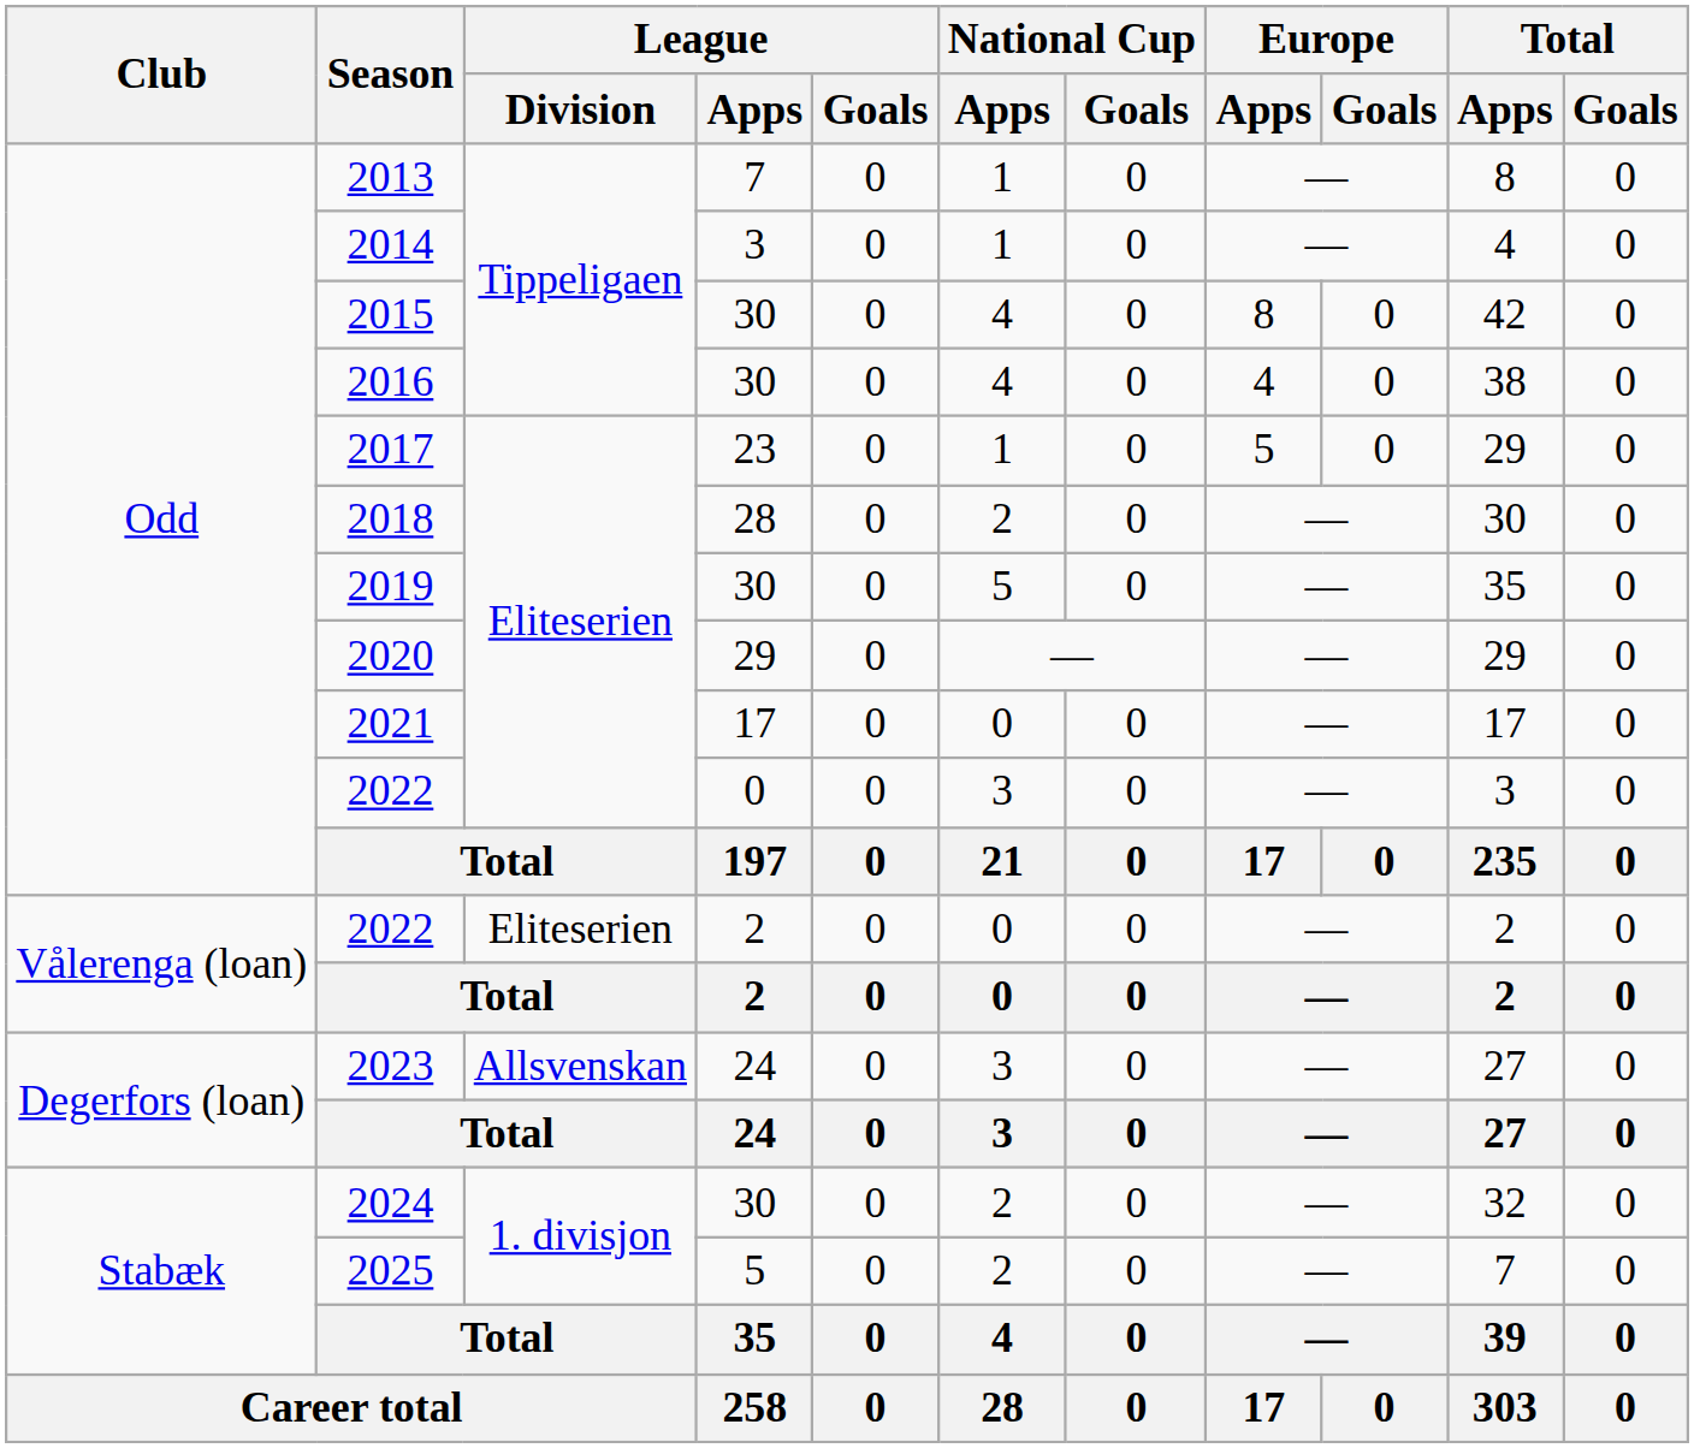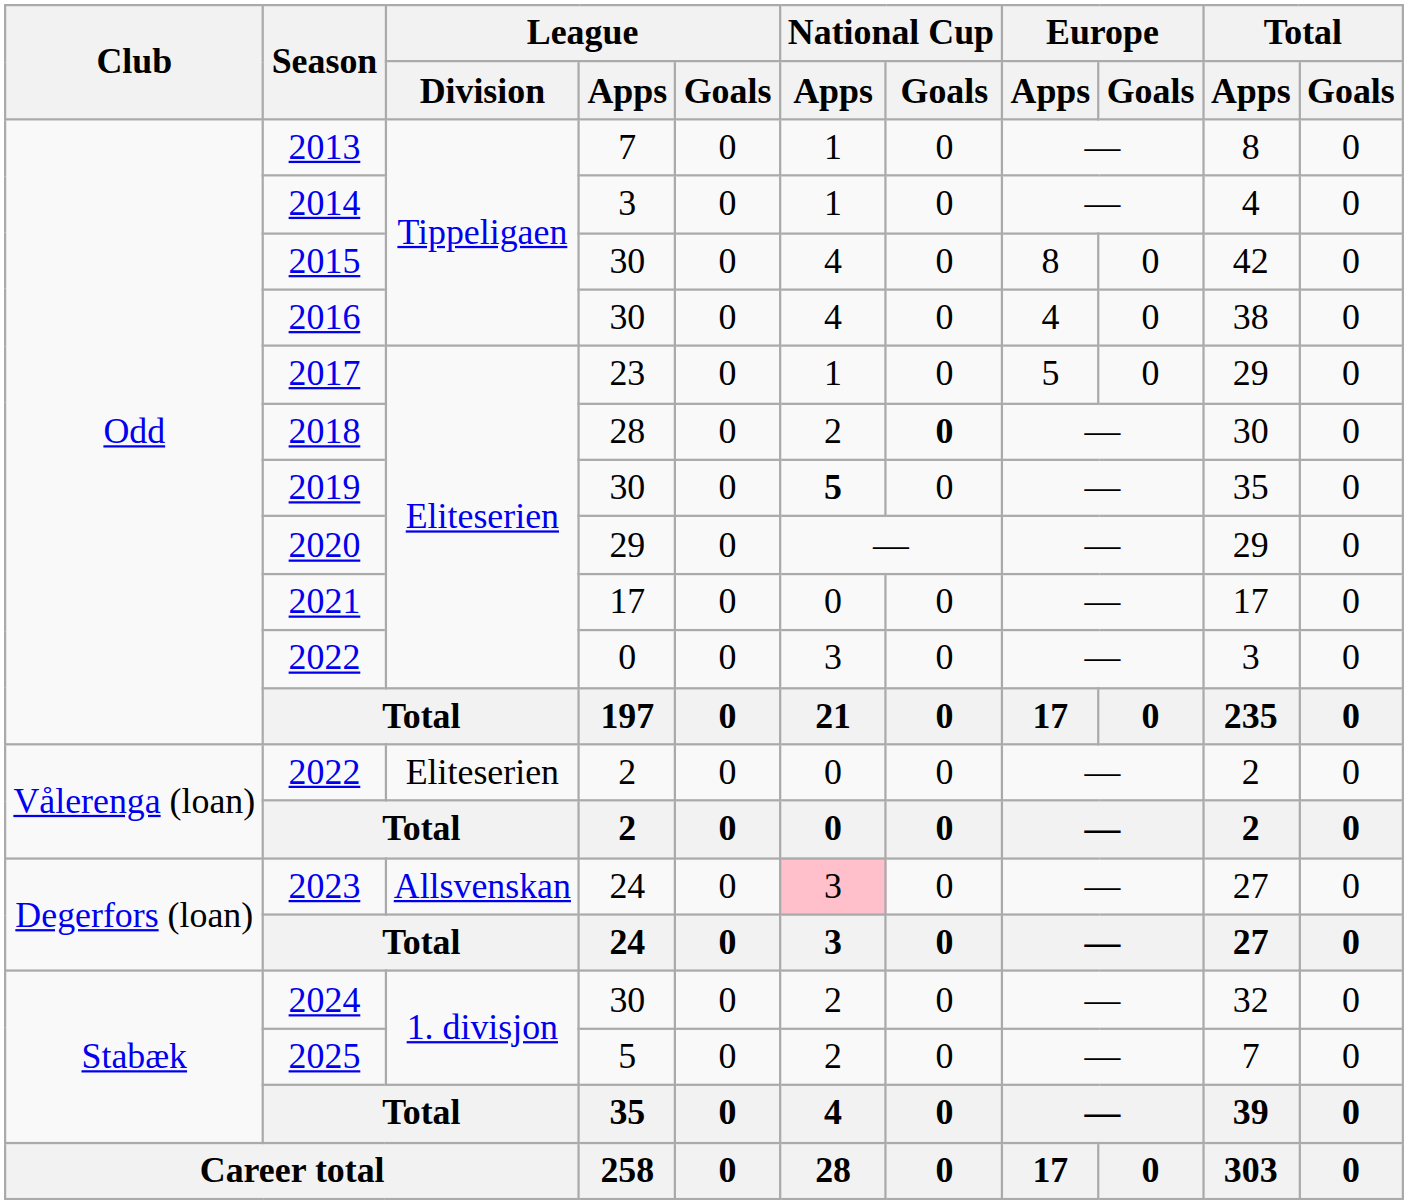 <table class="wikitable" style="text-align: center;">
 <tr>
 <th rowspan="2">Club</th>
 <th rowspan="2">Season</th>
 <th colspan="3">League</th>
 <th colspan="2">National Cup</th>
 <th colspan="2">Europe</th>
 <th colspan="2">Total</th>
 </tr>
 <tr>
 <th>Division</th>
 <th>Apps</th>
 <th>Goals</th>
 <th>Apps</th>
 <th>Goals</th>
 <th>Apps</th>
 <th>Goals</th>
 <th>Apps</th>
 <th>Goals</th>
 </tr>
 <tr>
 <td rowspan="11"><a href='#'>Odd</a></td>
 <td><a href='#'>2013</a></td>
 <td rowspan="4"><a href='#'>Tippeligaen</a></td>
 <td>7</td>
 <td>0</td>
 <td>1</td>
 <td>0</td>
 <td colspan="2">—</td>
 <td>8</td>
 <td>0</td>
 </tr>
 <tr>
 <td><a href='#'>2014</a></td>
 <td>3</td>
 <td>0</td>
 <td>1</td>
 <td>0</td>
 <td colspan="2">—</td>
 <td>4</td>
 <td>0</td>
 </tr>
 <tr>
 <td><a href='#'>2015</a></td>
 <td>30</td>
 <td>0</td>
 <td>4</td>
 <td>0</td>
 <td>8</td>
 <td>0</td>
 <td>42</td>
 <td>0</td>
 </tr>
 <tr>
 <td><a href='#'>2016</a></td>
 <td>30</td>
 <td>0</td>
 <td>4</td>
 <td>0</td>
 <td>4</td>
 <td>0</td>
 <td>38</td>
 <td>0</td>
 </tr>
 <tr>
 <td><a href='#'>2017</a></td>
 <td rowspan="6"><a href='#'>Eliteserien</a></td>
 <td>23</td>
 <td>0</td>
 <td>1</td>
 <td>0</td>
 <td>5</td>
 <td>0</td>
 <td>29</td>
 <td>0</td>
 </tr>
 <tr>
 <td><a href='#'>2018</a></td>
 <td>28</td>
 <td>0</td>
 <td>2</td>
-<td>0</td>
+<td><strong>0</strong></td>
 <td colspan="2">—</td>
 <td>30</td>
 <td>0</td>
 </tr>
 <tr>
 <td><a href='#'>2019</a></td>
 <td>30</td>
 <td>0</td>
-<td>5</td>
+<td><strong>5</strong></td>
 <td>0</td>
 <td colspan="2">—</td>
 <td>35</td>
 <td>0</td>
 </tr>
 <tr>
 <td><a href='#'>2020</a></td>
 <td>29</td>
 <td>0</td>
 <td colspan="2">—</td>
 <td colspan="2">—</td>
 <td>29</td>
 <td>0</td>
 </tr>
 <tr>
 <td><a href='#'>2021</a></td>
 <td>17</td>
 <td>0</td>
 <td>0</td>
 <td>0</td>
 <td colspan="2">—</td>
 <td>17</td>
 <td>0</td>
 </tr>
 <tr>
 <td><a href='#'>2022</a></td>
 <td>0</td>
 <td>0</td>
 <td>3</td>
 <td>0</td>
 <td colspan="2">—</td>
 <td>3</td>
 <td>0</td>
 </tr>
 <tr>
 <th colspan="2">Total</th>
 <th>197</th>
 <th>0</th>
 <th>21</th>
 <th>0</th>
 <th>17</th>
 <th>0</th>
 <th>235</th>
 <th>0</th>
 </tr>
 <tr>
 <td rowspan="2"><a href='#'>Vålerenga</a> (loan)</td>
 <td><a href='#'>2022</a></td>
 <td>Eliteserien</td>
 <td>2</td>
 <td>0</td>
 <td>0</td>
 <td>0</td>
 <td colspan="2">—</td>
 <td>2</td>
 <td>0</td>
 </tr>
 <tr>
 <th colspan="2">Total</th>
 <th>2</th>
 <th>0</th>
 <th>0</th>
 <th>0</th>
 <th colspan="2">—</th>
 <th>2</th>
 <th>0</th>
 </tr>
 <tr>
 <td rowspan="2"><a href='#'>Degerfors</a> (loan)</td>
 <td><a href='#'>2023</a></td>
 <td><a href='#'>Allsvenskan</a></td>
 <td>24</td>
 <td>0</td>
-<td>3</td>
+<td style="background: pink;">3</td>
 <td>0</td>
 <td colspan="2">—</td>
 <td>27</td>
 <td>0</td>
 </tr>
 <tr>
 <th colspan="2">Total</th>
 <th>24</th>
 <th>0</th>
 <th>3</th>
 <th>0</th>
 <th colspan="2">—</th>
 <th>27</th>
 <th>0</th>
 </tr>
 <tr>
 <td rowspan="3"><a href='#'>Stabæk</a></td>
 <td><a href='#'>2024</a></td>
 <td rowspan="2"><a href='#'>1. divisjon</a></td>
 <td>30</td>
 <td>0</td>
 <td>2</td>
 <td>0</td>
 <td colspan="2">—</td>
 <td>32</td>
 <td>0</td>
 </tr>
 <tr>
 <td><a href='#'>2025</a></td>
 <td>5</td>
 <td>0</td>
 <td>2</td>
 <td>0</td>
 <td colspan="2">—</td>
 <td>7</td>
 <td>0</td>
 </tr>
 <tr>
 <th colspan="2">Total</th>
 <th>35</th>
 <th>0</th>
 <th>4</th>
 <th>0</th>
 <th colspan="2">—</th>
 <th>39</th>
 <th>0</th>
 </tr>
 <tr>
 <th colspan="3">Career total</th>
 <th>258</th>
 <th>0</th>
 <th>28</th>
 <th>0</th>
 <th>17</th>
 <th>0</th>
 <th>303</th>
 <th>0</th>
 </tr>
 </table>
